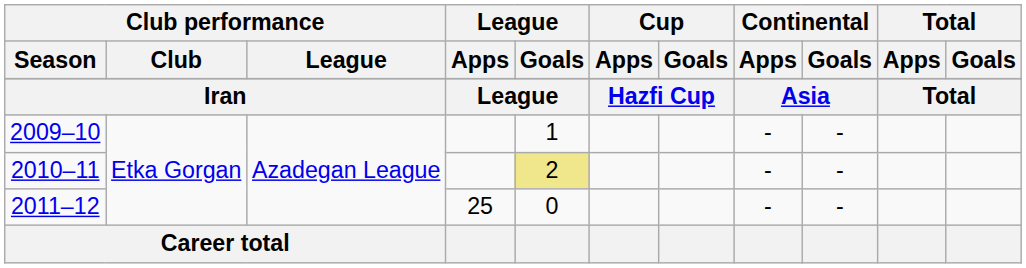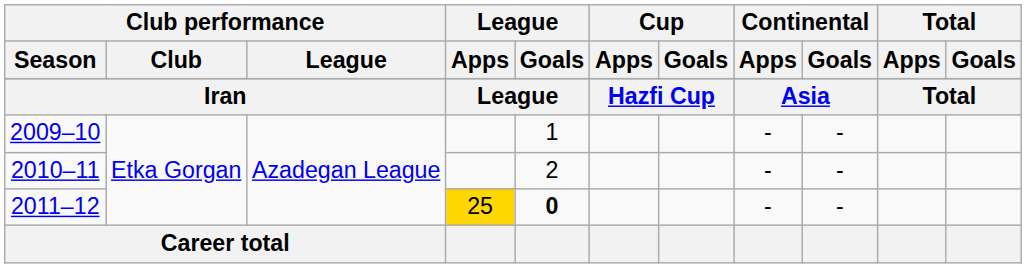 <table class="wikitable" style="text-align:center">
 <tr>
 <th colspan=3>Club performance</th>
 <th colspan=2>League</th>
 <th colspan=2>Cup</th>
 <th colspan=2>Continental</th>
 <th colspan=2>Total</th>
 </tr>
 <tr>
 <th>Season</th>
 <th>Club</th>
 <th>League</th>
 <th>Apps</th>
 <th>Goals</th>
 <th>Apps</th>
 <th>Goals</th>
 <th>Apps</th>
 <th>Goals</th>
 <th>Apps</th>
 <th>Goals</th>
 </tr>
 <tr>
 </tr>
 <tr>
 <th colspan=3>Iran</th>
 <th colspan=2>League</th>
 <th colspan=2><a href='#'>Hazfi Cup</a></th>
 <th colspan=2><a href='#'>Asia</a></th>
 <th colspan=2>Total</th>
 </tr>
 <tr>
 <td><a href='#'>2009–10</a></td>
 <td rowspan="3"><a href='#'>Etka Gorgan</a></td>
 <td rowspan="3"><a href='#'>Azadegan League</a></td>
 <td></td>
 <td>1</td>
 <td></td>
 <td></td>
 <td>-</td>
 <td>-</td>
 <td></td>
 <td></td>
 </tr>
 <tr>
 <td><a href='#'>2010–11</a></td>
 <td></td>
-<td style="background: khaki;">2</td>
+<td>2</td>
 <td></td>
 <td></td>
 <td>-</td>
 <td>-</td>
 <td></td>
 <td></td>
 </tr>
 <tr>
 <td><a href='#'>2011–12</a></td>
-<td>25</td>
-<td>0</td>
+<td style="background: gold;">25</td>
+<td><strong>0</strong></td>
 <td></td>
 <td></td>
 <td>-</td>
 <td>-</td>
 <td></td>
 <td></td>
 </tr>
 <tr>
 <th colspan=3>Career total</th>
 <th></th>
 <th></th>
 <th></th>
 <th></th>
 <th></th>
 <th></th>
 <th></th>
 <th></th>
 </tr>
 </table>
